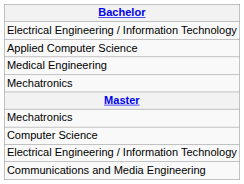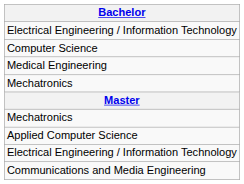 <table class="wikitable sortable">
 <tr class="backroundcolor5">
 <th><a href='#'>Bachelor</a></th>
 </tr>
 <tr>
 <td>Electrical Engineering / Information Technology</td>
 </tr>
 <tr>
-<td>Applied Computer Science</td>
+<td>Computer Science</td>
 </tr>
 <tr>
 <td>Medical Engineering</td>
 </tr>
 <tr>
 <td>Mechatronics</td>
 </tr>
 <tr>
 <th><a href='#'>Master</a></th>
 </tr>
 <tr>
 <td>Mechatronics</td>
 </tr>
 <tr>
-<td>Computer Science</td>
+<td>Applied Computer Science</td>
 </tr>
 <tr>
 <td>Electrical Engineering / Information Technology</td>
 </tr>
 <tr>
 <td>Communications and Media Engineering</td>
 </tr>
 </table>
